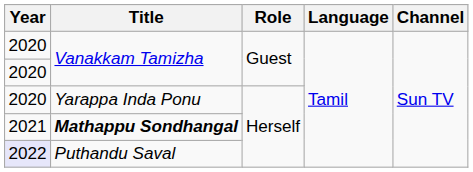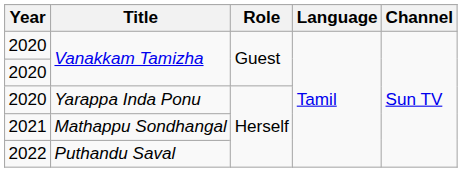 <table class="wikitable">
 <tr style="background:#ccc; text-align:center;">
 <th>Year</th>
 <th>Title</th>
 <th>Role</th>
 <th>Language</th>
 <th>Channel</th>
 </tr>
 <tr>
 <td>2020</td>
 <td rowspan=2><em><a href='#'>Vanakkam Tamizha</a></em></td>
 <td rowspan=2>Guest</td>
 <td rowspan=5><a href='#'>Tamil</a></td>
 <td rowspan=5><a href='#'>Sun TV</a></td>
 </tr>
 <tr>
 <td>2020</td>
 </tr>
 <tr>
 <td>2020</td>
 <td><em>Yarappa Inda Ponu</em></td>
 <td rowspan="3">Herself</td>
 </tr>
 <tr>
 <td>2021</td>
-<td><strong><em>Mathappu Sondhangal</em></strong></td>
+<td><em>Mathappu Sondhangal</em></td>
 </tr>
 <tr>
-<td style="background: lavender;">2022</td>
+<td>2022</td>
 <td><em>Puthandu Saval</em></td>
 </tr>
 </table>
